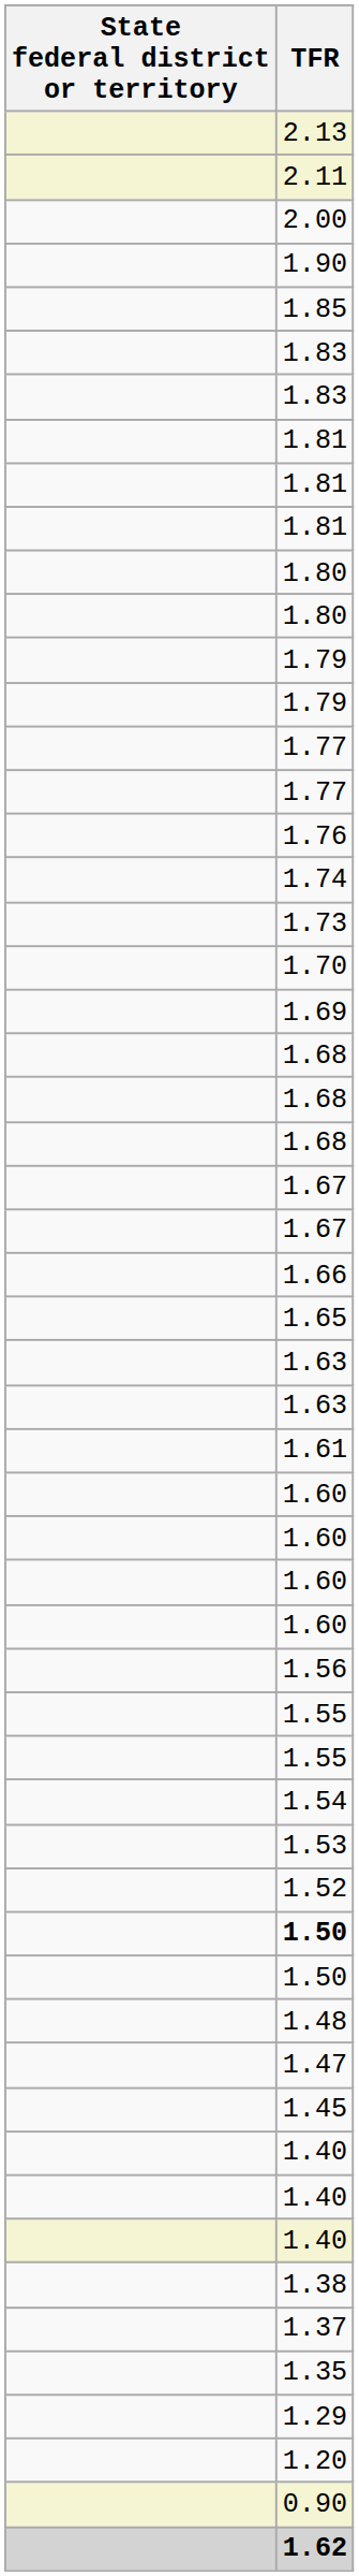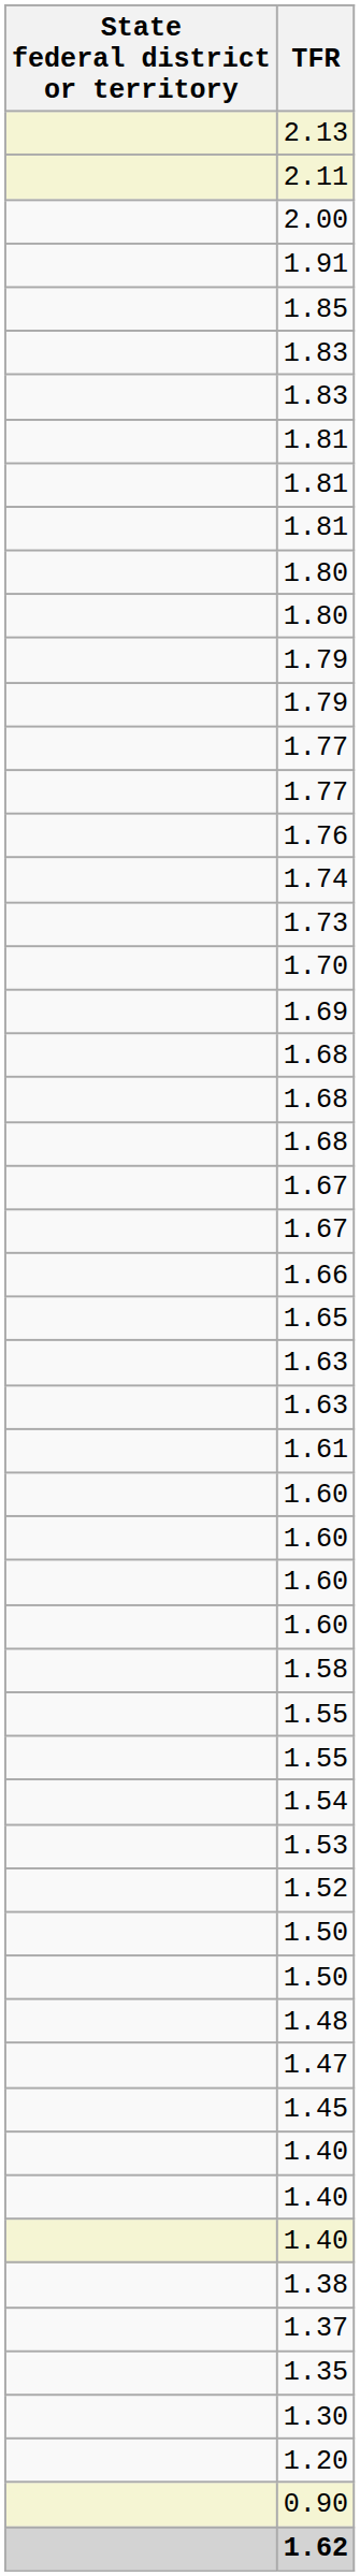 <table class="wikitable sortable mw-collapsible mw-collapsed">
 <tr>
 <th>State<br>federal district<br> or territory</th>
 <th>TFR</th>
 </tr>
 <tr bgcolor="#f5f5d3">
 <td></td>
 <td>2.13</td>
 </tr>
 <tr bgcolor="#f5f5d3">
 <td></td>
 <td>2.11</td>
 </tr>
 <tr>
 <td></td>
 <td>2.00</td>
 </tr>
 <tr>
 <td></td>
-<td>1.90</td>
+<td>1.91</td>
 </tr>
 <tr>
 <td></td>
 <td>1.85</td>
 </tr>
 <tr>
 <td></td>
 <td>1.83</td>
 </tr>
 <tr>
 <td></td>
 <td>1.83</td>
 </tr>
 <tr>
 <td></td>
 <td>1.81</td>
 </tr>
 <tr>
 <td></td>
 <td>1.81</td>
 </tr>
 <tr>
 <td></td>
 <td>1.81</td>
 </tr>
 <tr>
 <td></td>
 <td>1.80</td>
 </tr>
 <tr>
 <td></td>
 <td>1.80</td>
 </tr>
 <tr>
 <td></td>
 <td>1.79</td>
 </tr>
 <tr>
 <td></td>
 <td>1.79</td>
 </tr>
 <tr>
 <td></td>
 <td>1.77</td>
 </tr>
 <tr>
 <td></td>
 <td>1.77</td>
 </tr>
 <tr>
 <td></td>
 <td>1.76</td>
 </tr>
 <tr>
 <td></td>
 <td>1.74</td>
 </tr>
 <tr>
 <td></td>
 <td>1.73</td>
 </tr>
 <tr>
 <td></td>
 <td>1.70</td>
 </tr>
 <tr>
 <td></td>
 <td>1.69</td>
 </tr>
 <tr>
 <td></td>
 <td>1.68</td>
 </tr>
 <tr>
 <td></td>
 <td>1.68</td>
 </tr>
 <tr>
 <td></td>
 <td>1.68</td>
 </tr>
 <tr>
 <td></td>
 <td>1.67</td>
 </tr>
 <tr>
 <td></td>
 <td>1.67</td>
 </tr>
 <tr>
 <td></td>
 <td>1.66</td>
 </tr>
 <tr>
 <td></td>
 <td>1.65</td>
 </tr>
 <tr>
 <td></td>
 <td>1.63</td>
 </tr>
 <tr>
 <td></td>
 <td>1.63</td>
 </tr>
 <tr>
 <td></td>
 <td>1.61</td>
 </tr>
 <tr>
 <td></td>
 <td>1.60</td>
 </tr>
 <tr>
 <td></td>
 <td>1.60</td>
 </tr>
 <tr>
 <td></td>
 <td>1.60</td>
 </tr>
 <tr>
 <td></td>
 <td>1.60</td>
 </tr>
 <tr>
 <td></td>
-<td>1.56</td>
+<td>1.58</td>
 </tr>
 <tr>
 <td></td>
 <td>1.55</td>
 </tr>
 <tr>
 <td></td>
 <td>1.55</td>
 </tr>
 <tr>
 <td></td>
 <td>1.54</td>
 </tr>
 <tr>
 <td></td>
 <td>1.53</td>
 </tr>
 <tr>
 <td></td>
 <td>1.52</td>
 </tr>
 <tr>
 <td></td>
-<td><strong>1.50</strong></td>
+<td>1.50</td>
 </tr>
 <tr>
 <td></td>
 <td>1.50</td>
 </tr>
 <tr>
 <td></td>
 <td>1.48</td>
 </tr>
 <tr>
 <td></td>
 <td>1.47</td>
 </tr>
 <tr>
 <td></td>
 <td>1.45</td>
 </tr>
 <tr>
 <td></td>
 <td>1.40</td>
 </tr>
 <tr>
 <td></td>
 <td>1.40</td>
 </tr>
 <tr bgcolor="#f5f5d3">
 <td></td>
 <td>1.40</td>
 </tr>
 <tr>
 <td></td>
 <td>1.38</td>
 </tr>
 <tr>
 <td></td>
 <td>1.37</td>
 </tr>
 <tr>
 <td></td>
 <td>1.35</td>
 </tr>
 <tr>
 <td></td>
-<td>1.29</td>
+<td>1.30</td>
 </tr>
 <tr>
 <td></td>
 <td>1.20</td>
 </tr>
 <tr bgcolor="#f5f5d3">
 <td></td>
 <td>0.90</td>
 </tr>
 <tr bgcolor="lightgrey">
 <td></td>
 <td><strong>1.62</strong></td>
 </tr>
 </table>
